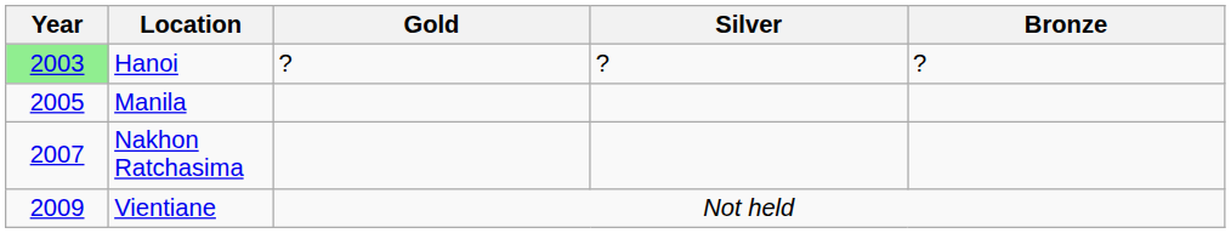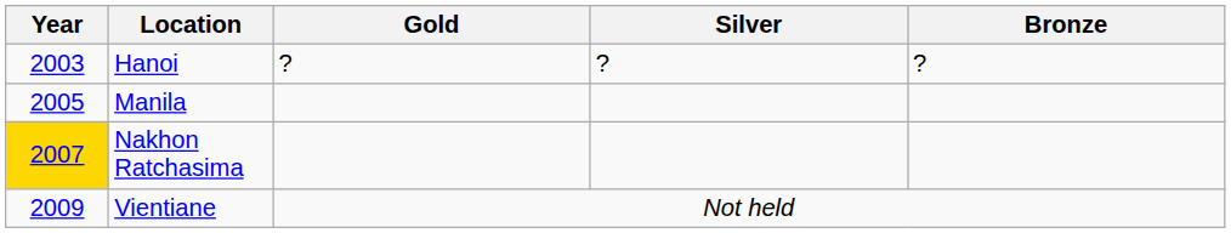 <table class="wikitable">
 <tr>
 <th width="60">Year</th>
 <th width="100">Location</th>
 <th width="200">Gold</th>
 <th width="200">Silver</th>
 <th width="200">Bronze</th>
 </tr>
 <tr>
-<td align="center" style="background: lightgreen;"><a href='#'>2003</a></td>
+<td align="center"><a href='#'>2003</a></td>
 <td><a href='#'>Hanoi</a></td>
 <td>?</td>
 <td>?</td>
 <td>?</td>
 </tr>
 <tr>
 <td align="center"><a href='#'>2005</a></td>
 <td><a href='#'>Manila</a></td>
 <td></td>
 <td></td>
 <td></td>
 </tr>
 <tr>
-<td align="center"><a href='#'>2007</a></td>
+<td align="center" style="background: gold;"><a href='#'>2007</a></td>
 <td><a href='#'>Nakhon Ratchasima</a></td>
 <td></td>
 <td></td>
 <td></td>
 </tr>
 <tr>
 <td align="center"><a href='#'>2009</a></td>
 <td><a href='#'>Vientiane</a></td>
 <td colspan=3 align=center><em>Not held</em></td>
 </tr>
 </table>
